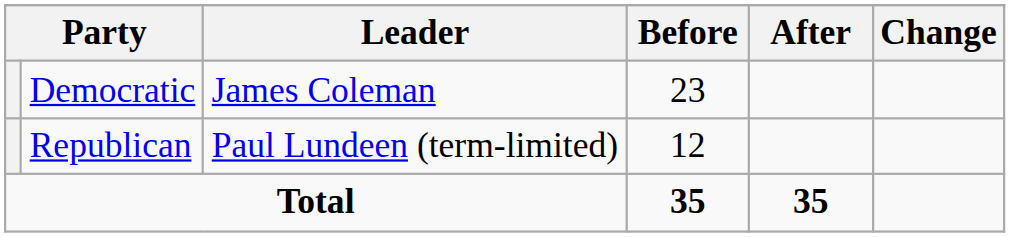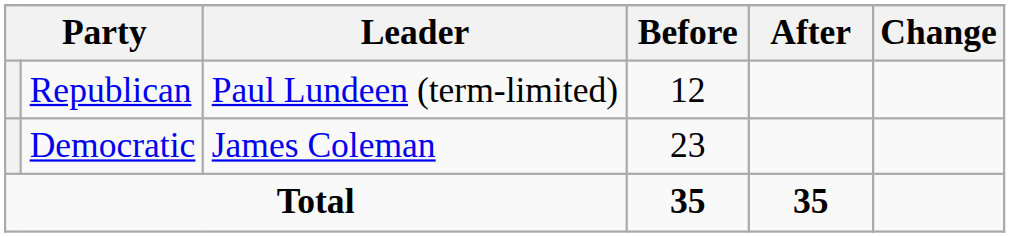 <table class="wikitable" style="text-align:center;">
 <tr>
 </tr>
 <tr>
 <th colspan="2">Party</th>
 <th>Leader</th>
 <th style="width:3em">Before</th>
 <th style="width:3em">After</th>
 <th style="width:3em">Change</th>
 </tr>
 <tr>
 <th style="background-color:"></th>
-<td style="text-align:left;"><a href='#'>Democratic</a></td>
-<td style="text-align:left;"><a href='#'>James Coleman</a></td>
-<td>23</td>
+<td style="text-align:left;"><a href='#'>Republican</a></td>
+<td style="text-align:left;"><a href='#'>Paul Lundeen</a> (term-limited)</td>
+<td>12</td>
 <td></td>
 <td></td>
 </tr>
 <tr>
 <th style="background-color:"></th>
-<td style="text-align:left;"><a href='#'>Republican</a></td>
-<td style="text-align:left;"><a href='#'>Paul Lundeen</a> (term-limited)</td>
-<td>12</td>
+<td style="text-align:left;"><a href='#'>Democratic</a></td>
+<td style="text-align:left;"><a href='#'>James Coleman</a></td>
+<td>23</td>
 <td></td>
 <td></td>
 </tr>
 <tr>
 <td colspan="3"><strong>Total</strong></td>
 <td><strong>35</strong></td>
 <td><strong>35</strong></td>
 <td></td>
 </tr>
 </table>
